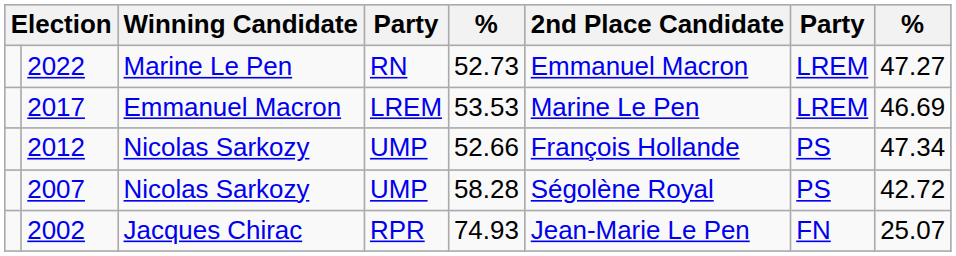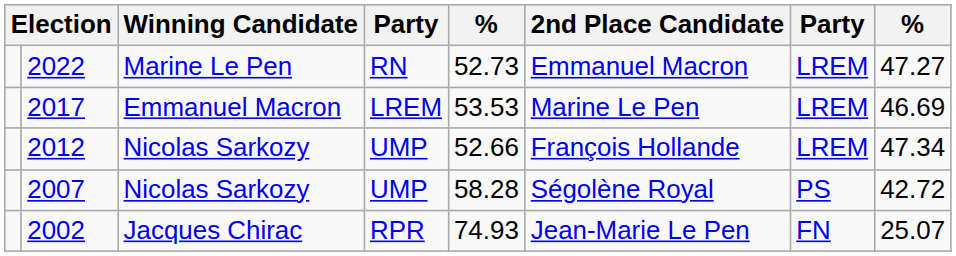 <table class="wikitable">
 <tr>
 <th colspan="2">Election</th>
 <th>Winning Candidate</th>
 <th>Party</th>
 <th>%</th>
 <th>2nd Place Candidate</th>
 <th>Party</th>
 <th>%</th>
 </tr>
 <tr>
 <td style="background-color: "></td>
 <td><a href='#'>2022</a></td>
 <td><a href='#'>Marine Le Pen</a></td>
 <td><a href='#'>RN</a></td>
 <td>52.73</td>
 <td><a href='#'>Emmanuel Macron</a></td>
 <td><a href='#'>LREM</a></td>
 <td>47.27</td>
 </tr>
 <tr>
 <td style="background-color: "></td>
 <td><a href='#'>2017</a></td>
 <td><a href='#'>Emmanuel Macron</a></td>
 <td><a href='#'>LREM</a></td>
 <td>53.53</td>
 <td><a href='#'>Marine Le Pen</a></td>
 <td><a href='#'>LREM</a></td>
 <td>46.69</td>
 </tr>
 <tr>
 <td style="background-color: "></td>
 <td><a href='#'>2012</a></td>
 <td><a href='#'>Nicolas Sarkozy</a></td>
 <td><a href='#'>UMP</a></td>
 <td>52.66</td>
 <td><a href='#'>François Hollande</a></td>
-<td><a href='#'>PS</a></td>
+<td><a href='#'>LREM</a></td>
 <td>47.34</td>
 </tr>
 <tr>
 <td style="background-color: "></td>
 <td><a href='#'>2007</a></td>
 <td><a href='#'>Nicolas Sarkozy</a></td>
 <td><a href='#'>UMP</a></td>
 <td>58.28</td>
 <td><a href='#'>Ségolène Royal</a></td>
 <td><a href='#'>PS</a></td>
 <td>42.72</td>
 </tr>
 <tr>
 <td style="background-color: "></td>
 <td><a href='#'>2002</a></td>
 <td><a href='#'>Jacques Chirac</a></td>
 <td><a href='#'>RPR</a></td>
 <td>74.93</td>
 <td><a href='#'>Jean-Marie Le Pen</a></td>
 <td><a href='#'>FN</a></td>
 <td>25.07</td>
 </tr>
 </table>
